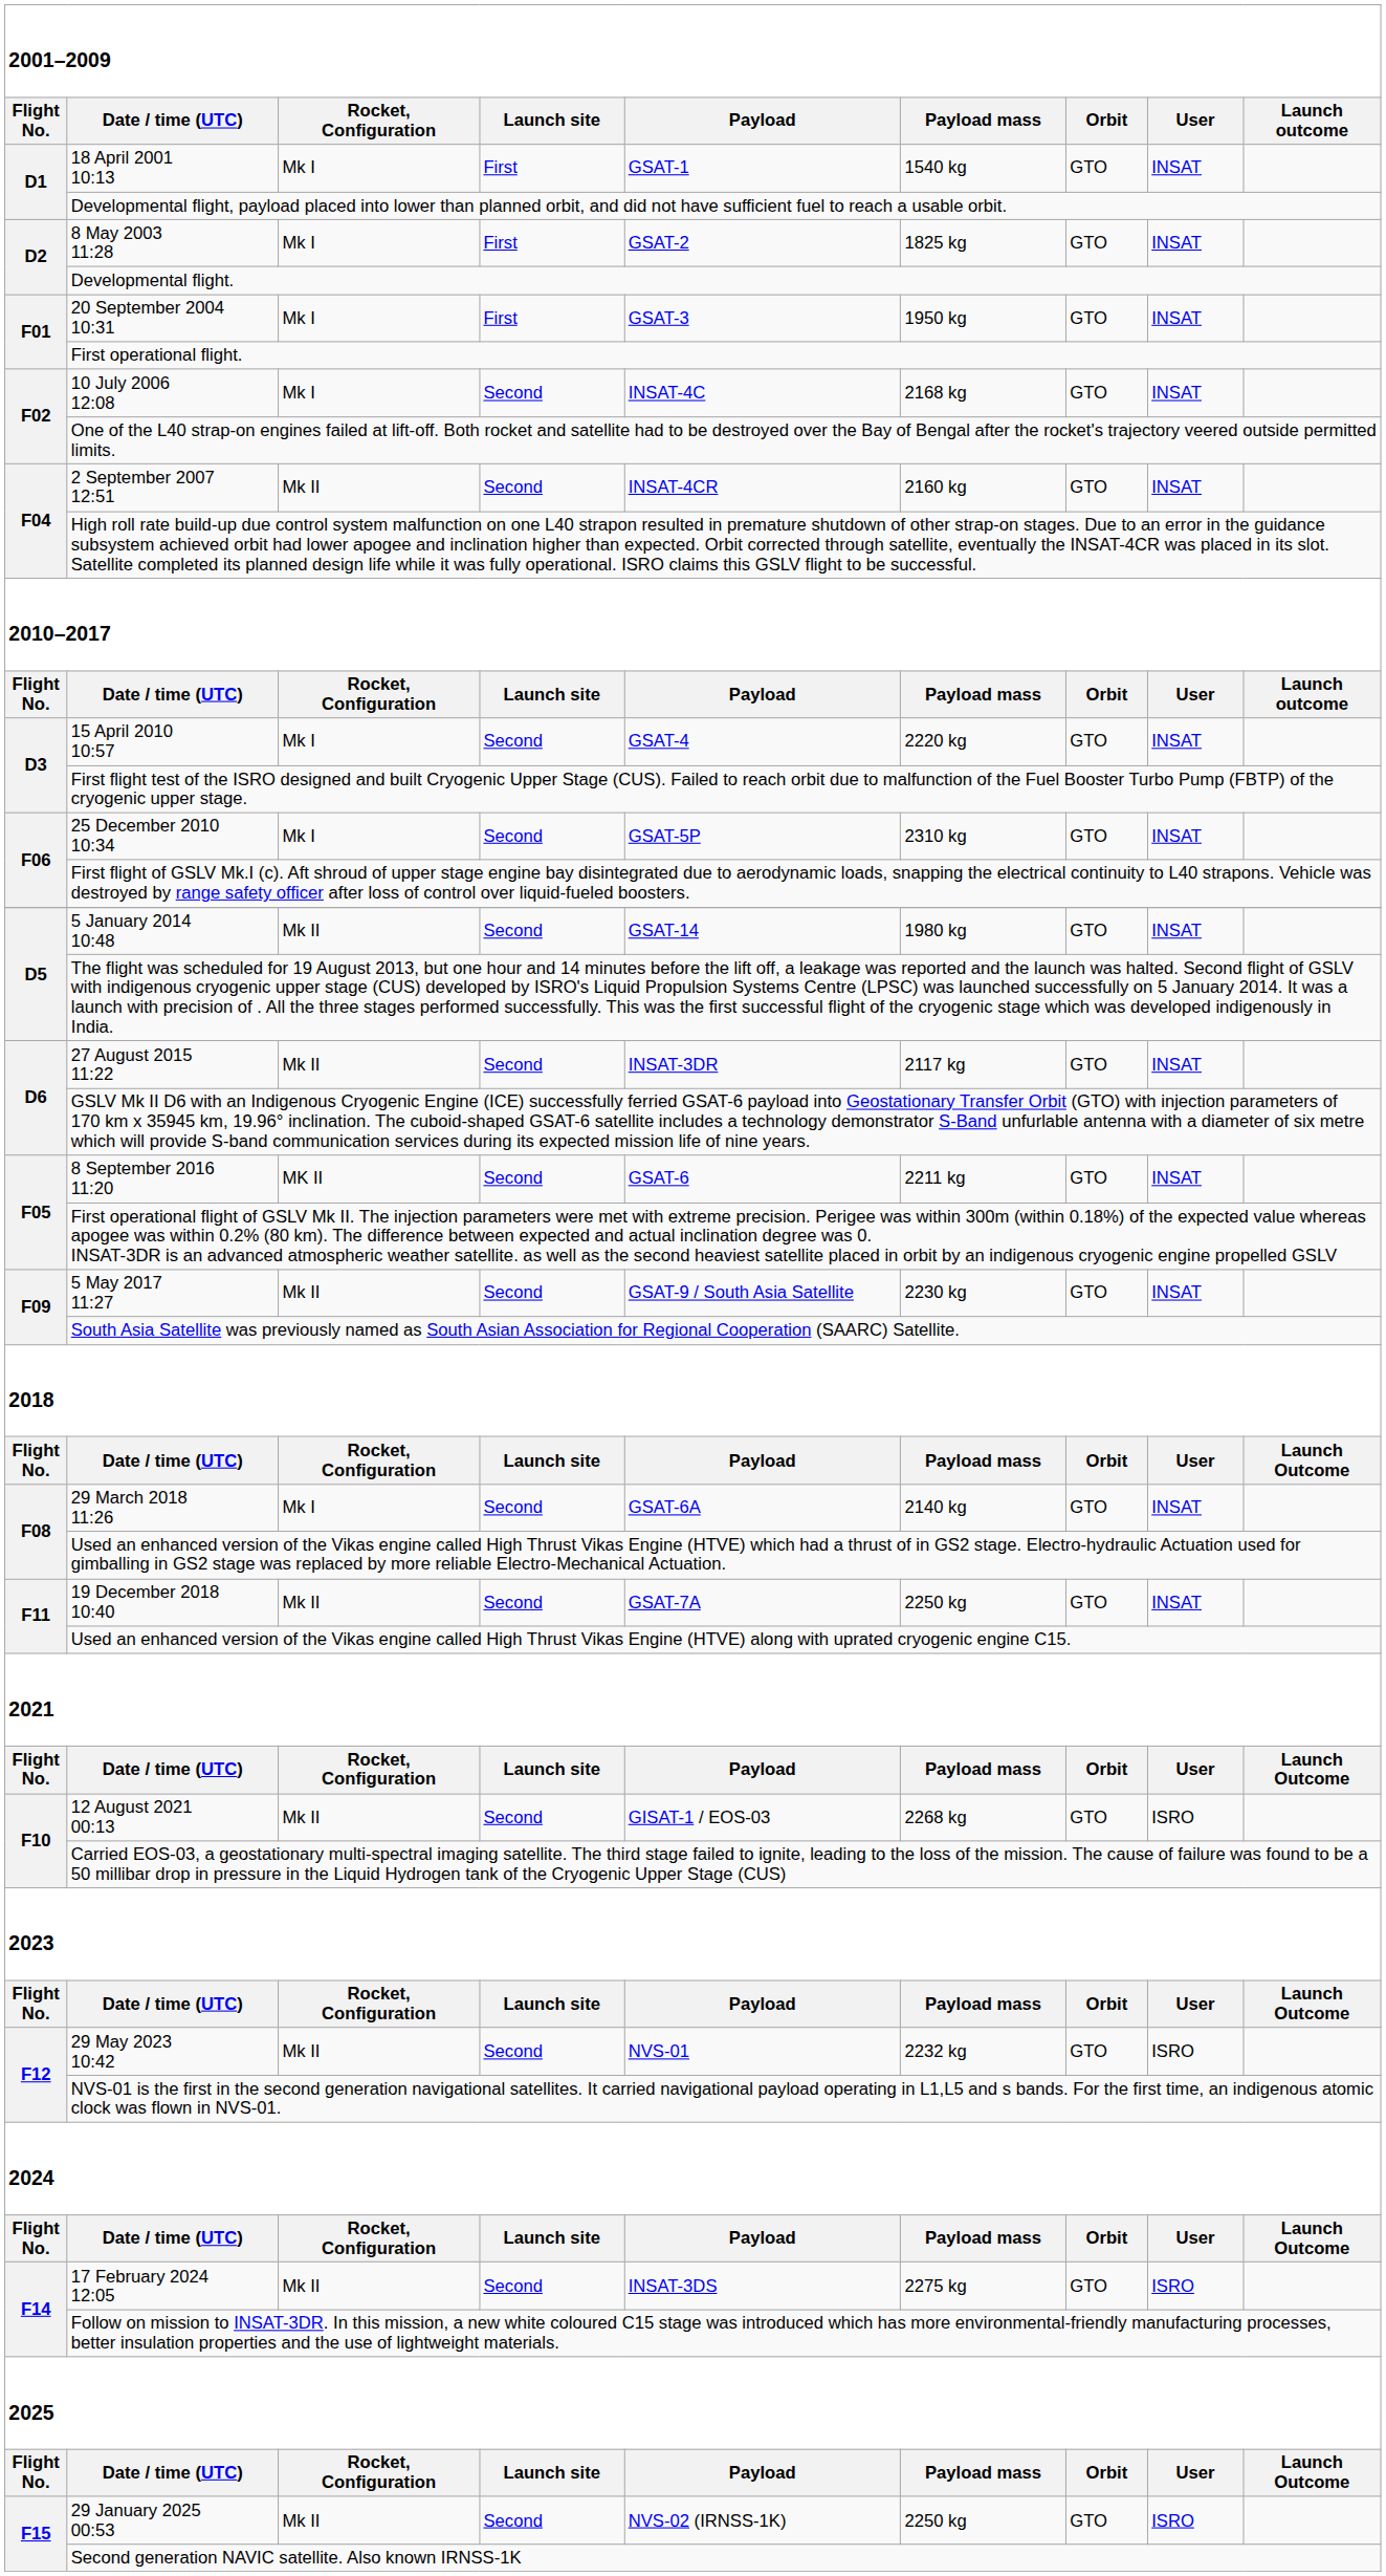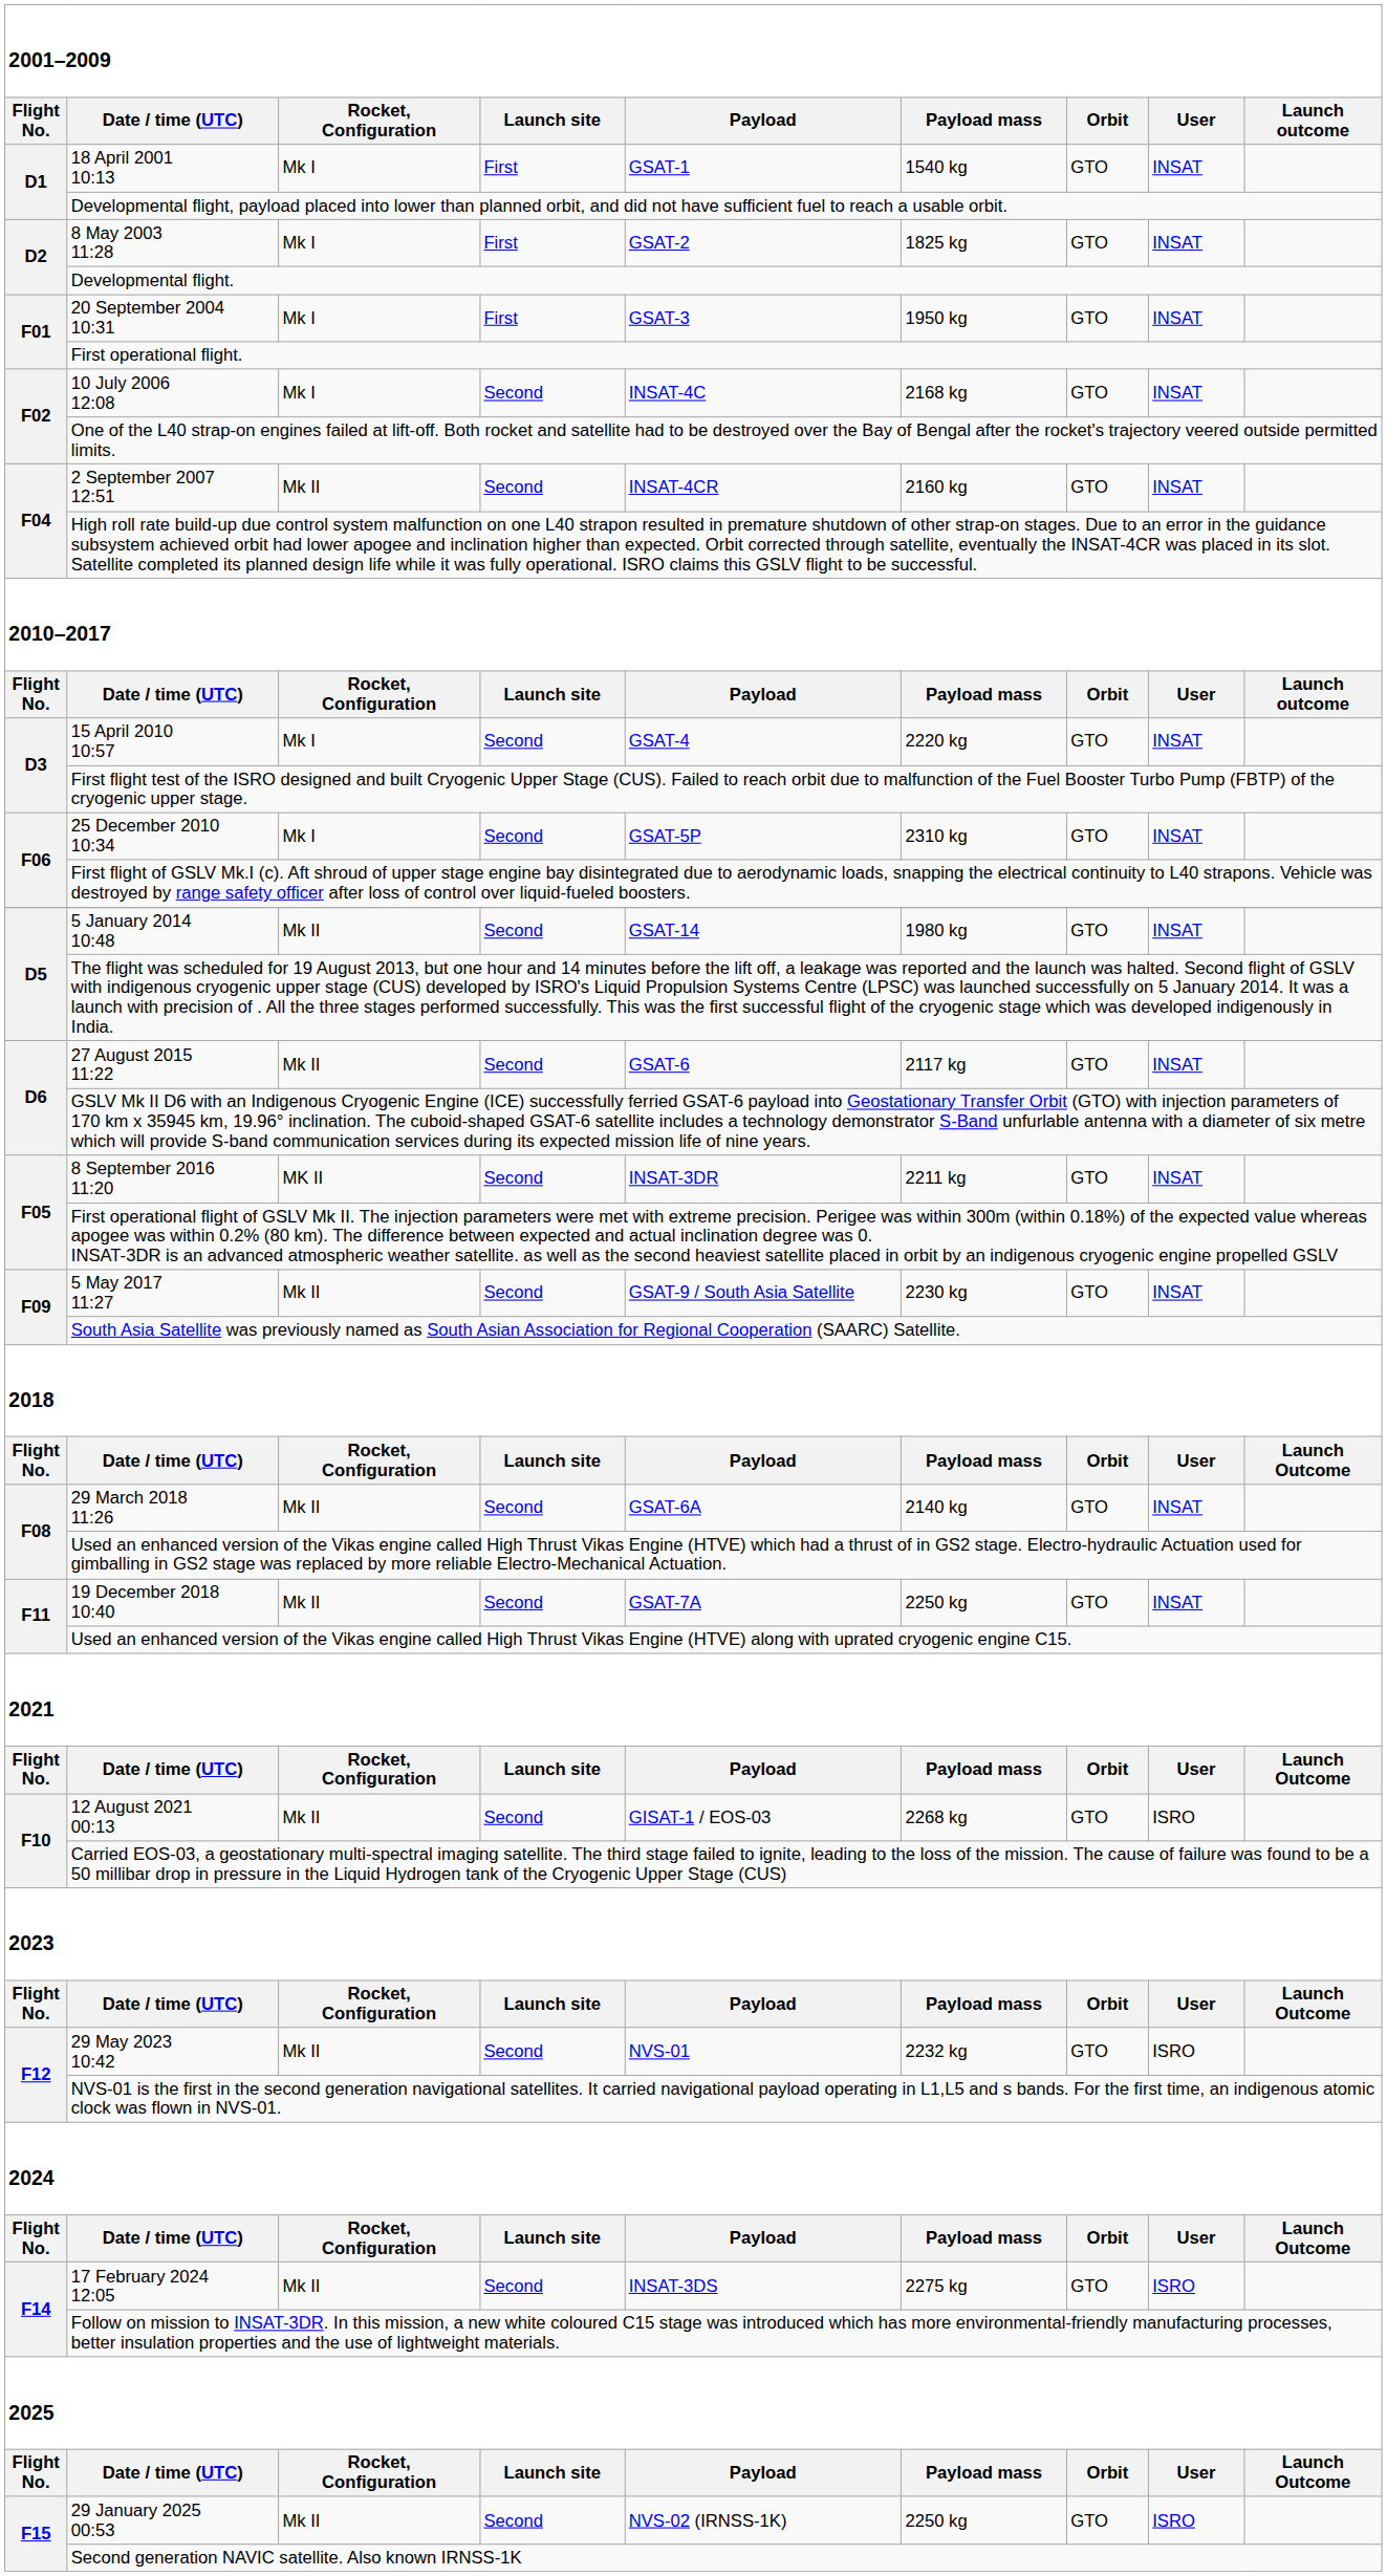 <table class="wikitable plainrowheaders" style="width: 100%;">
 <tr>
 <td colspan=9 style="background:white;"><br><h3>2001–2009</h3></td>
 </tr>
 <tr>
 <th scope="col">Flight No.</th>
 <th scope="col">Date / time (<a href='#'>UTC</a>)</th>
 <th scope="col">Rocket,<br>Configuration</th>
 <th scope="col">Launch site</th>
 <th scope="col">Payload</th>
 <th scope="col">Payload mass</th>
 <th scope="col">Orbit</th>
 <th scope="col">User</th>
 <th scope="col">Launch<br>outcome</th>
 </tr>
 <tr>
 <th scope="row" rowspan = 2 style="text-align:center;">D1</th>
 <td>18 April 2001<br>10:13</td>
 <td>Mk I</td>
 <td><a href='#'>First</a></td>
 <td> <a href='#'>GSAT-1</a></td>
 <td>1540 kg</td>
 <td>GTO</td>
 <td><a href='#'>INSAT</a></td>
 <td></td>
 </tr>
 <tr>
 <td colspan="8">Developmental flight, payload placed into lower than planned orbit, and did not have sufficient fuel to reach a usable orbit.</td>
 </tr>
 <tr>
 <th scope="row" rowspan = 2 style="text-align:center;">D2</th>
 <td>8 May 2003<br>11:28</td>
 <td>Mk I</td>
 <td><a href='#'>First</a></td>
 <td> <a href='#'>GSAT-2</a></td>
 <td>1825 kg</td>
 <td>GTO</td>
 <td><a href='#'>INSAT</a></td>
 <td></td>
 </tr>
 <tr>
 <td colspan="8">Developmental flight.</td>
 </tr>
 <tr>
 <th scope="row" rowspan = 2 style="text-align:center;">F01</th>
 <td>20 September 2004<br>10:31</td>
 <td>Mk I</td>
 <td><a href='#'>First</a></td>
 <td> <a href='#'>GSAT-3</a></td>
 <td>1950 kg</td>
 <td>GTO</td>
 <td><a href='#'>INSAT</a></td>
 <td></td>
 </tr>
 <tr>
 <td colspan="8">First operational flight.</td>
 </tr>
 <tr>
 <th scope="row" rowspan = 2 style="text-align:center;">F02</th>
 <td>10 July 2006<br>12:08</td>
 <td>Mk I</td>
 <td><a href='#'>Second</a></td>
 <td> <a href='#'>INSAT-4C</a></td>
 <td>2168 kg</td>
 <td>GTO</td>
 <td><a href='#'>INSAT</a></td>
 <td></td>
 </tr>
 <tr>
 <td colspan="8">One of the L40 strap-on engines failed at lift-off. Both rocket and satellite had to be destroyed over the Bay of Bengal after the rocket's trajectory veered outside permitted limits.</td>
 </tr>
 <tr>
 <th scope="row" rowspan = 2 style="text-align:center;">F04</th>
 <td>2 September 2007<br>12:51</td>
 <td>Mk II</td>
 <td><a href='#'>Second</a></td>
 <td nowrap> <a href='#'>INSAT-4CR</a></td>
 <td>2160 kg</td>
 <td>GTO</td>
 <td><a href='#'>INSAT</a></td>
 <td></td>
 </tr>
 <tr>
 <td colspan="8">High roll rate build-up due control system malfunction on one L40 strapon resulted in premature shutdown of other strap-on stages. Due to an error in the guidance subsystem achieved orbit had lower apogee and inclination higher than expected. Orbit corrected through satellite, eventually the INSAT-4CR was placed in its slot. Satellite completed its planned design life while it was fully operational. ISRO claims this GSLV flight to be successful.</td>
 </tr>
 <tr>
 <td colspan=9 style="background:white;"><br><h3>2010–2017</h3></td>
 </tr>
 <tr>
 <th scope="col">Flight No.</th>
 <th scope="col">Date / time (<a href='#'>UTC</a>)</th>
 <th scope="col">Rocket,<br>Configuration</th>
 <th scope="col">Launch site</th>
 <th scope="col">Payload</th>
 <th scope="col">Payload mass</th>
 <th scope="col">Orbit</th>
 <th scope="col">User</th>
 <th scope="col">Launch<br>outcome</th>
 </tr>
 <tr>
 <th scope="row" rowspan = 2 style="text-align:center;">D3</th>
 <td>15 April 2010<br>10:57</td>
 <td>Mk I</td>
 <td><a href='#'>Second</a></td>
 <td> <a href='#'>GSAT-4</a></td>
 <td>2220 kg</td>
 <td>GTO</td>
 <td><a href='#'>INSAT</a></td>
 <td></td>
 </tr>
 <tr>
 <td colspan="8">First flight test of the ISRO designed and built Cryogenic Upper Stage (CUS). Failed to reach orbit due to malfunction of the Fuel Booster Turbo Pump (FBTP) of the cryogenic upper stage.</td>
 </tr>
 <tr>
 <th scope="row" rowspan = 2 style="text-align:center;">F06</th>
 <td>25 December 2010<br>10:34</td>
 <td>Mk I</td>
 <td><a href='#'>Second</a></td>
 <td> <a href='#'>GSAT-5P</a></td>
 <td>2310 kg</td>
 <td>GTO</td>
 <td><a href='#'>INSAT</a></td>
 <td></td>
 </tr>
 <tr>
 <td colspan="8">First flight of GSLV Mk.I (c). Aft shroud of upper stage engine bay disintegrated due to aerodynamic loads, snapping the electrical continuity to L40 strapons. Vehicle was destroyed by <a href='#'>range safety officer</a> after loss of control over liquid-fueled boosters.</td>
 </tr>
 <tr>
 </tr>
 <tr>
 <th scope="row" rowspan = 2 style="text-align:center;">D5</th>
 <td>5 January 2014<br>10:48</td>
 <td>Mk II</td>
 <td><a href='#'>Second</a></td>
 <td> <a href='#'>GSAT-14</a></td>
 <td>1980 kg</td>
 <td>GTO</td>
 <td><a href='#'>INSAT</a></td>
 <td></td>
 </tr>
 <tr>
 <td colspan="8">The flight was scheduled for 19 August 2013, but one hour and 14 minutes before the lift off, a leakage was reported and the launch was halted. Second flight of GSLV with indigenous cryogenic upper stage (CUS) developed by ISRO's Liquid Propulsion Systems Centre (LPSC) was launched successfully on 5 January 2014. It was a launch with precision of . All the three stages performed successfully. This was the first successful flight of the cryogenic stage which was developed indigenously in India.</td>
 </tr>
 <tr>
 <th scope="row" rowspan = 2 style="text-align:center;">D6</th>
 <td>27 August 2015<br>11:22</td>
 <td>Mk II</td>
 <td><a href='#'>Second</a></td>
-<td> <a href='#'>INSAT-3DR</a></td>
+<td> <a href='#'>GSAT-6</a></td>
 <td>2117 kg</td>
 <td>GTO</td>
 <td><a href='#'>INSAT</a></td>
 <td></td>
 </tr>
 <tr>
 <td colspan="8">GSLV Mk II D6 with an Indigenous Cryogenic Engine (ICE) successfully ferried GSAT-6 payload into <a href='#'>Geostationary Transfer Orbit</a> (GTO) with injection parameters of 170 km x 35945 km, 19.96° inclination. The cuboid-shaped GSAT-6 satellite includes a technology demonstrator <a href='#'>S-Band</a> unfurlable antenna with a diameter of six metre which will provide S-band communication services during its expected mission life of nine years.</td>
 </tr>
 <tr>
 <th scope="row" rowspan = 2 style="text-align:center;">F05</th>
 <td>8 September 2016<br>11:20</td>
 <td>MK II</td>
 <td><a href='#'>Second</a></td>
-<td> <a href='#'>GSAT-6</a></td>
+<td> <a href='#'>INSAT-3DR</a></td>
 <td>2211 kg</td>
 <td>GTO</td>
 <td><a href='#'>INSAT</a></td>
 <td></td>
 </tr>
 <tr>
 <td colspan="8">First operational flight of GSLV Mk II. The injection parameters were met with extreme precision. Perigee was within 300m (within 0.18%) of the expected value whereas apogee was within 0.2% (80 km). The difference between expected and actual inclination degree was 0.<br>INSAT-3DR is an advanced atmospheric weather satellite. as well as the second heaviest satellite placed in orbit by an indigenous cryogenic engine propelled GSLV </td>
 </tr>
 <tr>
 <th scope="row" rowspan = 2 style="text-align:center;">F09</th>
 <td>5 May 2017<br>11:27</td>
 <td>Mk II</td>
 <td><a href='#'>Second</a></td>
 <td> <a href='#'>GSAT-9 / South Asia Satellite</a></td>
 <td>2230 kg</td>
 <td>GTO</td>
 <td><a href='#'>INSAT</a></td>
 <td></td>
 </tr>
 <tr>
 <td colspan="8"><a href='#'>South Asia Satellite</a> was previously named as <a href='#'>South Asian Association for Regional Cooperation</a> (SAARC) Satellite.</td>
 </tr>
 <tr>
 <td colspan=9 style="background:white;"><br><h3>2018</h3></td>
 </tr>
 <tr>
 <th scope="col">Flight No.</th>
 <th scope="col">Date / time (<a href='#'>UTC</a>)</th>
 <th scope="col">Rocket,<br>Configuration</th>
 <th scope="col">Launch site</th>
 <th scope="col">Payload</th>
 <th scope="col">Payload mass</th>
 <th scope="col">Orbit</th>
 <th scope="col">User</th>
 <th scope="col">Launch<br>Outcome</th>
 </tr>
 <tr>
 <th scope="row" rowspan = 2 style="text-align:center;">F08</th>
 <td>29 March 2018<br>11:26</td>
-<td>Mk I</td>
+<td>Mk II</td>
 <td><a href='#'>Second</a></td>
 <td> <a href='#'>GSAT-6A</a></td>
 <td>2140 kg</td>
 <td>GTO</td>
 <td><a href='#'>INSAT</a></td>
 <td></td>
 </tr>
 <tr>
 <td colspan="8">Used an enhanced version of the Vikas engine called High Thrust Vikas Engine (HTVE) which had a thrust of  in GS2 stage. Electro-hydraulic Actuation used for gimballing in GS2 stage was replaced by more reliable Electro-Mechanical Actuation.</td>
 </tr>
 <tr>
 <th scope="row" rowspan = 2 style="text-align:center;">F11</th>
 <td>19 December 2018<br>10:40</td>
 <td>Mk II</td>
 <td><a href='#'>Second</a></td>
 <td> <a href='#'>GSAT-7A</a></td>
 <td>2250 kg</td>
 <td>GTO</td>
 <td><a href='#'>INSAT</a></td>
 <td></td>
 </tr>
 <tr>
 <td colspan="8">Used an enhanced version of the Vikas engine called High Thrust Vikas Engine (HTVE) along with uprated cryogenic engine C15.</td>
 </tr>
 <tr>
 <td colspan=9 style="background:white;"><br><h3>2021</h3></td>
 </tr>
 <tr>
 <th scope="col">Flight No.</th>
 <th scope="col">Date / time (<a href='#'>UTC</a>)</th>
 <th scope="col">Rocket,<br>Configuration</th>
 <th scope="col">Launch site</th>
 <th scope="col">Payload</th>
 <th scope="col">Payload mass</th>
 <th scope="col">Orbit</th>
 <th scope="col">User</th>
 <th scope="col">Launch<br>Outcome</th>
 </tr>
 <tr>
 <th scope="row" rowspan = 2 style="text-align:center;">F10</th>
 <td>12 August 2021<br>00:13</td>
 <td>Mk II</td>
 <td><a href='#'>Second</a></td>
 <td> <a href='#'>GISAT-1</a> / EOS-03</td>
 <td>2268 kg</td>
 <td>GTO</td>
 <td>ISRO</td>
 <td></td>
 </tr>
 <tr>
 <td colspan="8">Carried EOS-03, a geostationary multi-spectral imaging satellite. The third stage failed to ignite, leading to the loss of the mission. The cause of failure was found to be a 50 millibar drop in pressure in the Liquid Hydrogen tank of the Cryogenic Upper Stage (CUS) </td>
 </tr>
 <tr>
 <td colspan=9 style="background:white;"><br><h3>2023</h3></td>
 </tr>
 <tr>
 <th scope="col">Flight No.</th>
 <th scope="col">Date / time (<a href='#'>UTC</a>)</th>
 <th scope="col">Rocket,<br>Configuration</th>
 <th scope="col">Launch site</th>
 <th scope="col">Payload</th>
 <th scope="col">Payload mass</th>
 <th scope="col">Orbit</th>
 <th scope="col">User</th>
 <th scope="col">Launch<br>Outcome</th>
 </tr>
 <tr>
 <th rowspan="2"><a href='#'>F12</a></th>
 <td>29 May 2023<br>10:42</td>
 <td>Mk II</td>
 <td><a href='#'>Second</a></td>
 <td> <a href='#'>NVS-01</a></td>
 <td>2232 kg</td>
 <td>GTO</td>
 <td>ISRO</td>
 <td></td>
 </tr>
 <tr>
 <td colspan="8">NVS-01 is the first in the second generation navigational satellites. It carried navigational payload operating in L1,L5 and s bands. For the first time, an indigenous atomic clock was flown in NVS-01.</td>
 </tr>
 <tr>
 <td colspan=9 style="background:white;"><br><h3>2024</h3></td>
 </tr>
 <tr>
 <th scope="col">Flight No.</th>
 <th scope="col">Date / time (<a href='#'>UTC</a>)</th>
 <th scope="col">Rocket,<br>Configuration</th>
 <th scope="col">Launch site</th>
 <th scope="col">Payload</th>
 <th scope="col">Payload mass</th>
 <th scope="col">Orbit</th>
 <th scope="col">User</th>
 <th scope="col">Launch<br>Outcome</th>
 </tr>
 <tr>
 <th rowspan="2"><a href='#'>F14</a></th>
 <td>17 February 2024 <br>12:05</td>
 <td>Mk II</td>
 <td><a href='#'>Second</a></td>
 <td> <a href='#'>INSAT-3DS</a></td>
 <td>2275 kg</td>
 <td>GTO</td>
 <td><a href='#'>ISRO</a></td>
 <td></td>
 </tr>
 <tr>
 <td colspan="8">Follow on mission to <a href='#'>INSAT-3DR</a>. In this mission, a new white coloured C15 stage was introduced which has more environmental-friendly manufacturing processes, better insulation properties and the use of lightweight materials.</td>
 </tr>
 <tr>
 <td colspan=9 style="background:white;"><br><h3>2025</h3></td>
 </tr>
 <tr>
 <th scope="col">Flight No.</th>
 <th scope="col">Date / time (<a href='#'>UTC</a>)</th>
 <th scope="col">Rocket,<br>Configuration</th>
 <th scope="col">Launch site</th>
 <th scope="col">Payload</th>
 <th scope="col">Payload mass</th>
 <th scope="col">Orbit</th>
 <th scope="col">User</th>
 <th scope="col">Launch<br>Outcome</th>
 </tr>
 <tr>
 <th rowspan="2"><a href='#'>F15</a></th>
 <td>29 January 2025 <br>00:53</td>
 <td>Mk II</td>
 <td><a href='#'>Second</a></td>
 <td> <a href='#'>NVS-02</a> (IRNSS-1K)</td>
 <td>2250 kg</td>
 <td>GTO</td>
 <td><a href='#'>ISRO</a></td>
 <td></td>
 </tr>
 <tr>
 <td colspan="8">Second generation NAVIC satellite. Also known IRNSS-1K</td>
 </tr>
 </table>
